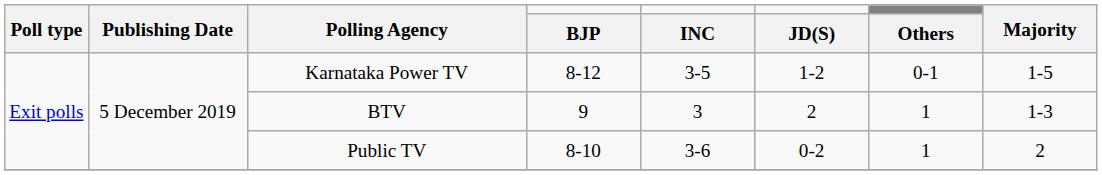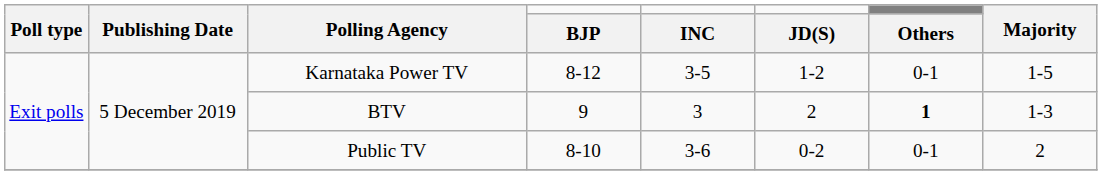 <table class="wikitable sortable" style="text-align:center;font-size:80%;line-height:20px;">
 <tr>
 <th rowspan="2">Poll type</th>
 <th class="wikitable" rowspan="2" style="width:100px;">Publishing Date</th>
 <th rowspan="2" class="wikitable" style="width:180px;">Polling Agency</th>
 <td></td>
 <td></td>
 <td></td>
 <td style="background:gray;"></td>
 <th rowspan="2" class="wikitable" style="width:70px;">Majority</th>
 </tr>
 <tr>
 <th class="wikitable" style="width:70px;">BJP</th>
 <th class="wikitable" style="width:70px;">INC</th>
 <th class="wikitable" style="width:70px;">JD(S)</th>
 <th class="wikitable" style="width:70px;">Others</th>
 </tr>
 <tr>
 <td rowspan="3"><a href='#'>Exit polls</a></td>
 <td rowspan="3">5 December 2019</td>
 <td>Karnataka Power TV</td>
 <td>8-12</td>
 <td>3-5</td>
 <td>1-2</td>
 <td>0-1</td>
 <td style="background:">1-5</td>
 </tr>
 <tr>
 <td>BTV</td>
 <td>9</td>
 <td>3</td>
 <td>2</td>
-<td>1</td>
+<td><strong>1</strong></td>
 <td style="background:">1-3</td>
 </tr>
 <tr>
 <td>Public TV</td>
 <td>8-10</td>
 <td>3-6</td>
 <td>0-2</td>
-<td>1</td>
+<td>0-1</td>
 <td style="background:">2</td>
 </tr>
 <tr>
 </tr>
 </table>
